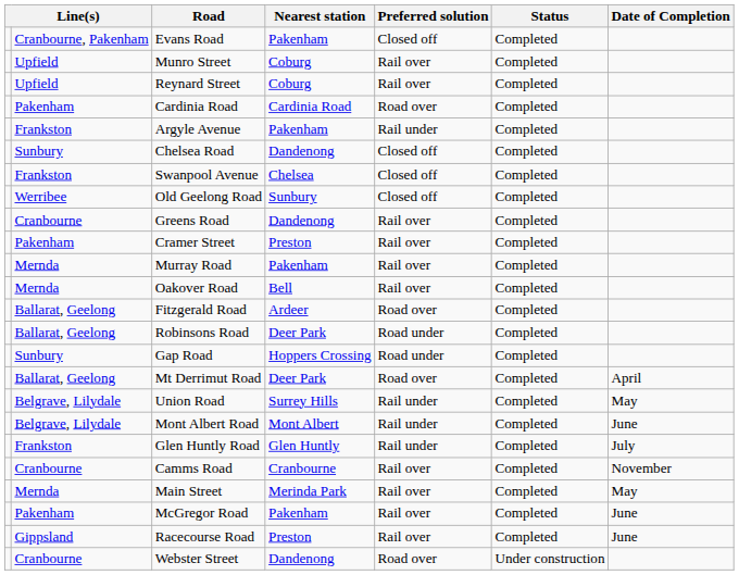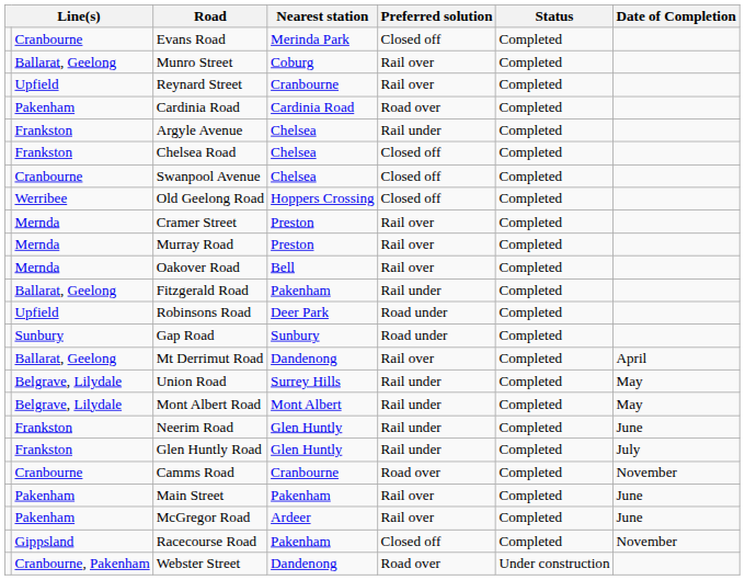 <table class="wikitable sortable">
 <tr>
 <th colspan="2">Line(s)</th>
 <th>Road</th>
 <th>Nearest station</th>
 <th>Preferred solution</th>
 <th>Status</th>
 <th>Date of Completion</th>
 </tr>
 <tr>
 <td style="background-color:#"></td>
-<td><a href='#'>Cranbourne</a>, <a href='#'>Pakenham</a></td>
+<td><a href='#'>Cranbourne</a></td>
 <td>Evans Road</td>
-<td><a href='#'>Pakenham</a></td>
+<td><a href='#'>Merinda Park</a></td>
 <td>Closed off</td>
 <td>Completed</td>
 <td></td>
 </tr>
 <tr>
 <td style="background-color:#"></td>
-<td><a href='#'>Upfield</a></td>
+<td><a href='#'>Ballarat</a>, <a href='#'>Geelong</a></td>
 <td>Munro Street</td>
 <td><a href='#'>Coburg</a></td>
 <td>Rail over</td>
 <td>Completed</td>
 <td></td>
 </tr>
 <tr>
 <td style="background-color:#"></td>
 <td><a href='#'>Upfield</a></td>
 <td>Reynard Street</td>
-<td><a href='#'>Coburg</a></td>
+<td><a href='#'>Cranbourne</a></td>
 <td>Rail over</td>
 <td>Completed</td>
 <td></td>
 </tr>
 <tr>
 <td style="background-color:#"></td>
 <td><a href='#'>Pakenham</a></td>
 <td>Cardinia Road</td>
 <td><a href='#'>Cardinia Road</a></td>
 <td>Road over</td>
 <td>Completed</td>
 <td></td>
 </tr>
 <tr>
 <td style="background-color:#"></td>
 <td><a href='#'>Frankston</a></td>
 <td>Argyle Avenue</td>
-<td><a href='#'>Pakenham</a></td>
+<td><a href='#'>Chelsea</a></td>
 <td>Rail under</td>
 <td>Completed</td>
 <td></td>
 </tr>
 <tr>
 <td style="background-color:#"></td>
-<td><a href='#'>Sunbury</a></td>
+<td><a href='#'>Frankston</a></td>
 <td>Chelsea Road</td>
-<td><a href='#'>Dandenong</a></td>
+<td><a href='#'>Chelsea</a></td>
 <td>Closed off</td>
 <td>Completed</td>
 <td></td>
 </tr>
 <tr>
 <td style="background-color:#"></td>
-<td><a href='#'>Frankston</a></td>
+<td><a href='#'>Cranbourne</a></td>
 <td>Swanpool Avenue</td>
 <td><a href='#'>Chelsea</a></td>
 <td>Closed off</td>
 <td>Completed</td>
 <td></td>
 </tr>
 <tr>
 <td style="background-color:#"></td>
 <td><a href='#'>Werribee</a></td>
 <td>Old Geelong Road</td>
-<td><a href='#'>Sunbury</a></td>
+<td><a href='#'>Hoppers Crossing</a></td>
 <td>Closed off</td>
 <td>Completed</td>
 <td></td>
 </tr>
 <tr>
 <td style="background-color:#"></td>
-<td><a href='#'>Cranbourne</a></td>
-<td>Greens Road</td>
-<td><a href='#'>Dandenong</a></td>
-<td>Rail over</td>
-<td>Completed</td>
-<td></td>
-</tr>
-<tr>
-<td style="background-color:#"></td>
-<td><a href='#'>Pakenham</a></td>
+<td><a href='#'>Mernda</a></td>
 <td>Cramer Street</td>
 <td><a href='#'>Preston</a></td>
 <td>Rail over</td>
 <td>Completed</td>
 <td></td>
 </tr>
 <tr>
 <td style="background-color:#"></td>
 <td><a href='#'>Mernda</a></td>
 <td>Murray Road</td>
-<td><a href='#'>Pakenham</a></td>
+<td><a href='#'>Preston</a></td>
 <td>Rail over</td>
 <td>Completed</td>
 <td></td>
 </tr>
 <tr>
 <td style="background-color:#"></td>
 <td><a href='#'>Mernda</a></td>
 <td>Oakover Road</td>
 <td><a href='#'>Bell</a></td>
 <td>Rail over</td>
 <td>Completed</td>
 <td></td>
 </tr>
 <tr>
 <td style="background-color:#"></td>
 <td><a href='#'>Ballarat</a>, <a href='#'>Geelong</a></td>
 <td>Fitzgerald Road</td>
-<td><a href='#'>Ardeer</a></td>
-<td>Road over</td>
+<td><a href='#'>Pakenham</a></td>
+<td>Rail under</td>
 <td>Completed</td>
 <td></td>
 </tr>
 <tr>
 <td style="background-color:#"></td>
-<td><a href='#'>Ballarat</a>, <a href='#'>Geelong</a></td>
+<td><a href='#'>Upfield</a></td>
 <td>Robinsons Road</td>
 <td><a href='#'>Deer Park</a></td>
 <td>Road under</td>
 <td>Completed</td>
 <td></td>
 </tr>
 <tr>
 <td style="background-color:#"></td>
 <td><a href='#'>Sunbury</a></td>
 <td>Gap Road</td>
-<td><a href='#'>Hoppers Crossing</a></td>
+<td><a href='#'>Sunbury</a></td>
 <td>Road under</td>
 <td>Completed</td>
 <td></td>
 </tr>
 <tr>
 <td style="background-color:#"></td>
 <td><a href='#'>Ballarat</a>, <a href='#'>Geelong</a></td>
 <td>Mt Derrimut Road</td>
-<td><a href='#'>Deer Park</a></td>
-<td>Road over</td>
+<td><a href='#'>Dandenong</a></td>
+<td>Rail over</td>
 <td>Completed</td>
 <td>April </td>
 </tr>
 <tr>
 <td style="background-color:#"></td>
 <td><a href='#'>Belgrave</a>, <a href='#'>Lilydale</a></td>
 <td>Union Road</td>
 <td><a href='#'>Surrey Hills</a></td>
 <td>Rail under</td>
 <td>Completed</td>
 <td>May </td>
 </tr>
 <tr>
 <td style="background-color:#"></td>
 <td><a href='#'>Belgrave</a>, <a href='#'>Lilydale</a></td>
 <td>Mont Albert Road</td>
 <td><a href='#'>Mont Albert</a></td>
 <td>Rail under</td>
 <td>Completed</td>
+<td>May </td>
+</tr>
+<tr>
+<td style="background-color:#"></td>
+<td><a href='#'>Frankston</a></td>
+<td>Neerim Road</td>
+<td><a href='#'>Glen Huntly</a></td>
+<td>Rail under</td>
+<td>Completed</td>
 <td>June </td>
 </tr>
 <tr>
 <td style="background-color:#"></td>
 <td><a href='#'>Frankston</a></td>
 <td>Glen Huntly Road</td>
 <td><a href='#'>Glen Huntly</a></td>
 <td>Rail under</td>
 <td>Completed</td>
 <td>July </td>
 </tr>
 <tr>
 <td style="background-color:#"></td>
 <td><a href='#'>Cranbourne</a></td>
 <td>Camms Road</td>
 <td><a href='#'>Cranbourne</a></td>
-<td>Rail over</td>
+<td>Road over</td>
 <td>Completed</td>
 <td>November </td>
 </tr>
 <tr>
 <td style="background-color:#"></td>
-<td><a href='#'>Mernda</a></td>
+<td><a href='#'>Pakenham</a></td>
 <td>Main Street</td>
-<td><a href='#'>Merinda Park</a></td>
+<td><a href='#'>Pakenham</a></td>
 <td>Rail over</td>
 <td>Completed</td>
-<td>May </td>
+<td>June </td>
 </tr>
 <tr>
 <td style="background-color:#"></td>
 <td><a href='#'>Pakenham</a></td>
 <td>McGregor Road</td>
-<td><a href='#'>Pakenham</a></td>
+<td><a href='#'>Ardeer</a></td>
 <td>Rail over</td>
 <td>Completed</td>
 <td>June </td>
 </tr>
 <tr>
 <td style="background-color:#"></td>
 <td><a href='#'>Gippsland</a></td>
 <td>Racecourse Road</td>
-<td><a href='#'>Preston</a></td>
-<td>Rail over</td>
+<td><a href='#'>Pakenham</a></td>
+<td>Closed off</td>
 <td>Completed</td>
-<td>June </td>
+<td>November </td>
 </tr>
 <tr>
 <td style="background-color:#"></td>
-<td><a href='#'>Cranbourne</a></td>
+<td><a href='#'>Cranbourne</a>, <a href='#'>Pakenham</a></td>
 <td>Webster Street</td>
 <td><a href='#'>Dandenong</a></td>
 <td>Road over</td>
 <td>Under construction</td>
 <td></td>
 </tr>
 </table>
